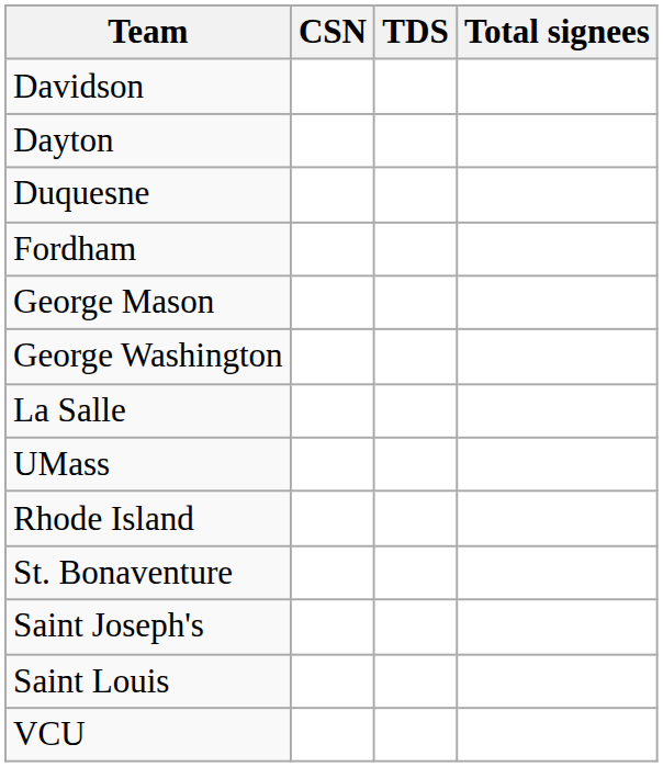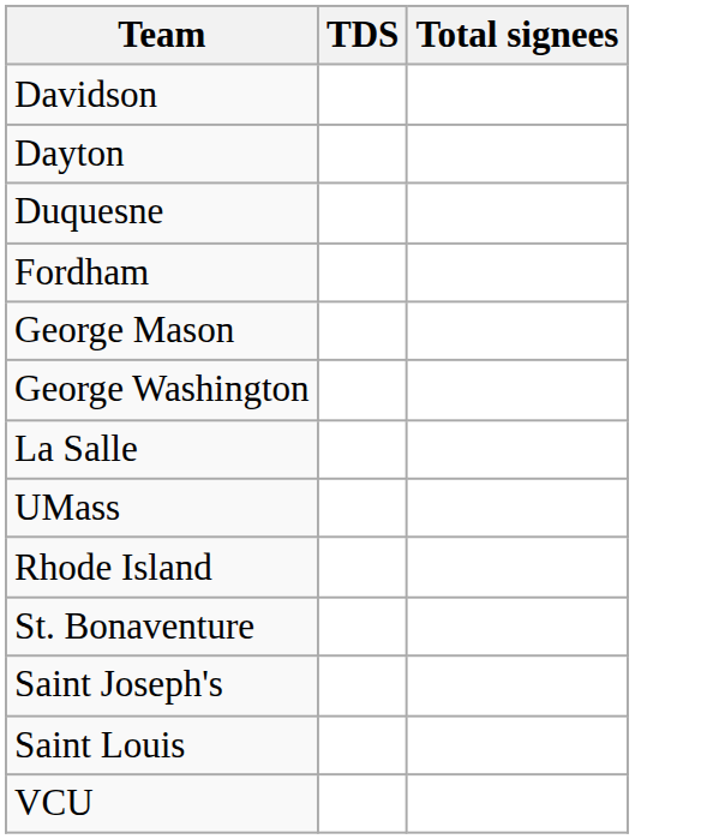 <table class="wikitable sortable">
 <tr>
 <th>Team</th>
-<th>CSN</th>
 <th>TDS</th>
 <th>Total signees</th>
 </tr>
 <tr>
 <td>Davidson</td>
 <td style="text-align:center; background:white"></td>
 <td style="text-align:center; background:white"></td>
-<td style="text-align:center; background:white"></td>
 </tr>
 <tr>
 <td>Dayton</td>
-<td style="text-align:center; background:white"></td>
 <td style="text-align:center; background:white"></td>
 <td style="text-align:center; background:white"></td>
 </tr>
 <tr>
 <td>Duquesne</td>
 <td style="text-align:center; background:white"></td>
 <td style="text-align:center; background:white"></td>
-<td style="text-align:center; background:white"></td>
 </tr>
 <tr>
 <td>Fordham</td>
-<td style="text-align:center; background:white"></td>
 <td style="text-align:center; background:white"></td>
 <td style="text-align:center; background:white"></td>
 </tr>
 <tr>
 <td>George Mason</td>
 <td style="text-align:center; background:white"></td>
 <td style="text-align:center; background:white"></td>
-<td style="text-align:center; background:white"></td>
 </tr>
 <tr>
 <td>George Washington</td>
-<td style="text-align:center; background:white"></td>
 <td style="text-align:center; background:white"></td>
 <td style="text-align:center; background:white"></td>
 </tr>
 <tr>
 <td>La Salle</td>
 <td style="text-align:center; background:white"></td>
 <td style="text-align:center; background:white"></td>
-<td style="text-align:center; background:white"></td>
 </tr>
 <tr>
 <td>UMass</td>
-<td style="text-align:center; background:white"></td>
 <td style="text-align:center; background:white"></td>
 <td style="text-align:center; background:white"></td>
 </tr>
 <tr>
 <td>Rhode Island</td>
 <td style="text-align:center; background:white"></td>
 <td style="text-align:center; background:white"></td>
-<td style="text-align:center; background:white"></td>
 </tr>
 <tr>
 <td>St. Bonaventure</td>
-<td style="text-align:center; background:white"></td>
 <td style="text-align:center; background:white"></td>
 <td style="text-align:center; background:white"></td>
 </tr>
 <tr>
 <td>Saint Joseph's</td>
 <td style="text-align:center; background:white"></td>
 <td style="text-align:center; background:white"></td>
-<td style="text-align:center; background:white"></td>
 </tr>
 <tr>
 <td>Saint Louis</td>
-<td style="text-align:center; background:white"></td>
 <td style="text-align:center; background:white"></td>
 <td style="text-align:center; background:white"></td>
 </tr>
 <tr>
 <td>VCU</td>
 <td style="text-align:center; background:white"></td>
 <td style="text-align:center; background:white"></td>
-<td style="text-align:center; background:white"></td>
 </tr>
 </table>
